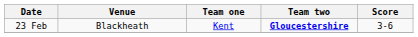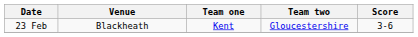 <table class="wikitable" style="text-align: center">
 <tr>
 <th width=100>Date</th>
 <th width=250>Venue</th>
 <th width=150>Team one</th>
 <th width=150>Team two</th>
 <th width=100>Score</th>
 </tr>
 <tr>
 <td>23 Feb</td>
 <td>Blackheath</td>
 <td><a href='#'>Kent</a></td>
-<td><strong><a href='#'>Gloucestershire</a></strong></td>
+<td><a href='#'>Gloucestershire</a></td>
 <td>3-6</td>
 </tr>
 <tr>
 </tr>
 </table>
